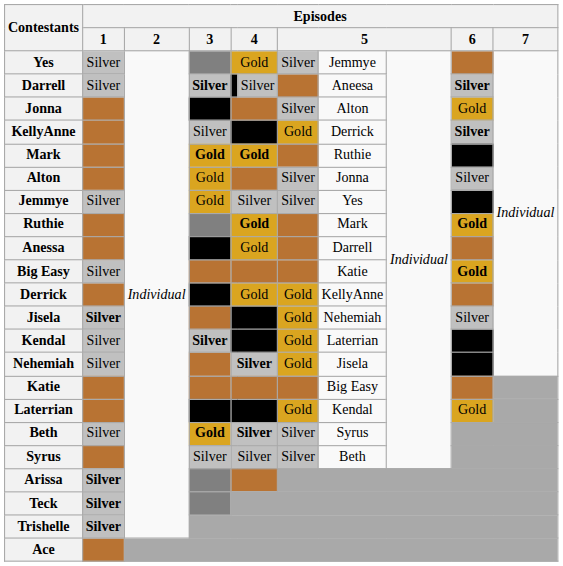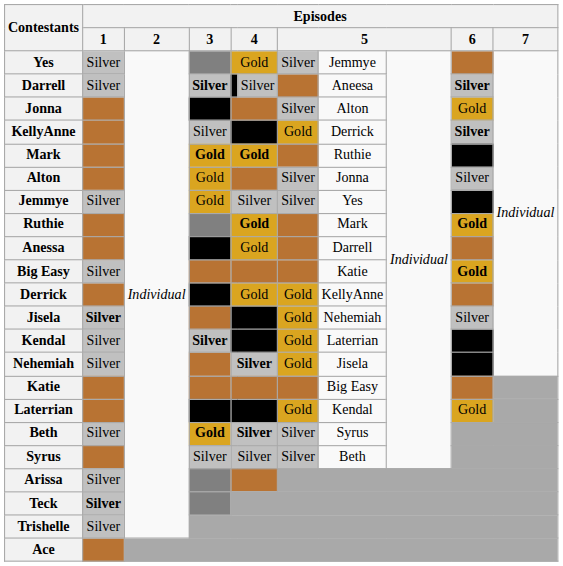 <table class="wikitable" style="text-align:center; font-size:80%; white-space:nowrap;">
 <tr>
 <th rowspan=2>Contestants</th>
 <th colspan="10">Episodes</th>
 </tr>
 <tr>
 <th>1</th>
 <th>2</th>
 <th>3</th>
 <th colspan="2">4</th>
 <th colspan="3">5</th>
 <th>6</th>
 <th>7</th>
 </tr>
 <tr>
 <th>Yes</th>
 <td style="background:silver">Silver</td>
 <td rowspan="21"><em>Individual</em></td>
 <td style="background:gray"></td>
 <td colspan="2" style="background:goldenrod">Gold</td>
 <td style="background:silver">Silver</td>
 <td>Jemmye</td>
 <td rowspan="18"><em>Individual</em></td>
 <td style="background:#B87333"></td>
 <td rowspan="14"><em>Individual</em></td>
 </tr>
 <tr>
 <th>Darrell</th>
 <td style="background:silver">Silver</td>
 <td style="background:silver"><strong>Silver</strong></td>
 <td style="background:black"></td>
 <td style="background:silver">Silver</td>
 <td style="background:#B87333"></td>
 <td>Aneesa</td>
 <td style="background:silver"><strong>Silver</strong></td>
 </tr>
 <tr>
 <th>Jonna</th>
 <td style="background:#B87333"></td>
 <td style="background:black" nowrap></td>
 <td colspan="2" style="background:#B87333"></td>
 <td style="background:silver">Silver</td>
 <td>Alton</td>
 <td style="background:goldenrod">Gold</td>
 </tr>
 <tr>
 <th>KellyAnne</th>
 <td style="background:#B87333"></td>
 <td style="background:silver">Silver</td>
 <td colspan="2" style="background:black"></td>
 <td style="background:goldenrod">Gold</td>
 <td>Derrick</td>
 <td style="background:silver"><strong>Silver</strong></td>
 </tr>
 <tr>
 <th>Mark</th>
 <td style="background:#B87333"></td>
 <td style="background:goldenrod"><strong>Gold</strong></td>
 <td colspan="2" style="background:goldenrod"><strong>Gold</strong></td>
 <td style="background:#B87333"></td>
 <td>Ruthie</td>
 <td style="background:black"></td>
 </tr>
 <tr>
 <th>Alton</th>
 <td style="background:#B87333"></td>
 <td style="background:goldenrod">Gold</td>
 <td colspan="2" style="background:#B87333"></td>
 <td style="background:silver">Silver</td>
 <td>Jonna</td>
 <td style="background:silver">Silver</td>
 </tr>
 <tr>
 <th>Jemmye</th>
 <td style="background:silver">Silver</td>
 <td style="background:goldenrod">Gold</td>
 <td colspan="2" style="background:silver">Silver</td>
 <td style="background:silver">Silver</td>
 <td>Yes</td>
 <td style="background:black"></td>
 </tr>
 <tr>
 <th>Ruthie</th>
 <td style="background:#B87333"></td>
 <td style="background:gray"></td>
 <td colspan="2" style="background:goldenrod"><strong>Gold</strong></td>
 <td style="background:#B87333"></td>
 <td>Mark</td>
 <td style="background:goldenrod"><strong>Gold</strong></td>
 </tr>
 <tr>
 <th>Anessa</th>
 <td style="background:#B87333"></td>
 <td style="background:black"></td>
 <td colspan="2" style="background:goldenrod">Gold</td>
 <td style="background:#B87333"></td>
 <td>Darrell</td>
 <td style="background:#B87333"></td>
 </tr>
 <tr>
 <th>Big Easy</th>
 <td style="background:silver">Silver</td>
 <td style="background:#B87333"></td>
 <td colspan="2" style="background:#B87333"></td>
 <td style="background:#B87333"></td>
 <td>Katie</td>
 <td style="background:goldenrod"><strong>Gold</strong></td>
 </tr>
 <tr>
 <th>Derrick</th>
 <td style="background:#B87333"></td>
 <td style="background:black" nowrap></td>
 <td colspan="2" style="background:goldenrod">Gold</td>
 <td style="background:goldenrod">Gold</td>
 <td>KellyAnne</td>
 <td style="background:#B87333"></td>
 </tr>
 <tr>
 <th>Jisela</th>
 <td style="background:silver"><strong>Silver</strong></td>
 <td style="background:#B87333"></td>
 <td colspan="2" style="background:black"></td>
 <td style="background:goldenrod">Gold</td>
 <td>Nehemiah</td>
 <td style="background:silver">Silver</td>
 </tr>
 <tr>
 <th>Kendal</th>
 <td style="background:silver">Silver</td>
 <td style="background:silver"><strong>Silver</strong></td>
 <td colspan="2" style="background:black"></td>
 <td style="background:goldenrod">Gold</td>
 <td>Laterrian</td>
 <td style="background:black"></td>
 </tr>
 <tr>
 <th>Nehemiah</th>
 <td style="background:silver">Silver</td>
 <td style="background:#B87333"></td>
 <td colspan="2" style="background:silver"><strong>Silver </strong></td>
 <td style="background:goldenrod">Gold</td>
 <td>Jisela</td>
 <td style="background:black"></td>
 </tr>
 <tr>
 <th>Katie</th>
 <td style="background:#B87333"></td>
 <td style="background:#B87333"></td>
 <td colspan="2" style="background:#B87333"></td>
 <td style="background:#B87333"></td>
 <td>Big Easy</td>
 <td style="background:#B87333"></td>
 <td colspan="5" bgcolor="darkgray"></td>
 </tr>
 <tr>
 <th>Laterrian</th>
 <td style="background:#B87333"></td>
 <td style="background:black" nowrap></td>
 <td colspan="2" style="background:black"></td>
 <td style="background:goldenrod">Gold</td>
 <td>Kendal</td>
 <td style="background:goldenrod">Gold</td>
 <td colspan="5" bgcolor="darkgray"></td>
 </tr>
 <tr>
 <th>Beth</th>
 <td style="background:silver">Silver</td>
 <td style="background:goldenrod"><strong>Gold</strong></td>
 <td colspan="2" style="background:silver"><strong>Silver </strong></td>
 <td style="background:silver">Silver</td>
 <td>Syrus</td>
 <td colspan="5" bgcolor="darkgray"></td>
 </tr>
 <tr>
 <th>Syrus</th>
 <td style="background:#B87333"></td>
 <td style="background:silver">Silver</td>
 <td colspan="2" style="background:silver">Silver</td>
 <td style="background:silver">Silver</td>
 <td>Beth</td>
 <td colspan="5" bgcolor="darkgray"></td>
 </tr>
 <tr>
 <th>Arissa</th>
-<td style="background:silver"><strong>Silver</strong></td>
+<td style="background:silver">Silver</td>
 <td style="background:gray"></td>
 <td colspan="2" style="background:#B87333"></td>
 <td colspan="6" bgcolor="darkgray"></td>
 </tr>
 <tr>
 <th>Teck</th>
 <td style="background:silver"><strong>Silver</strong></td>
 <td style="background:gray"></td>
 <td colspan="7" bgcolor="darkgray"></td>
 </tr>
 <tr>
 <th>Trishelle</th>
-<td style="background:silver"><strong>Silver</strong></td>
+<td style="background:silver">Silver</td>
 <td colspan="8" bgcolor="darkgray"></td>
 </tr>
 <tr>
 <th>Ace</th>
 <td style="background:#B87333"></td>
 <td colspan="9" bgcolor="darkgray"></td>
 </tr>
 </table>
